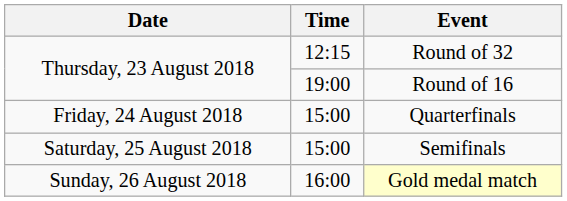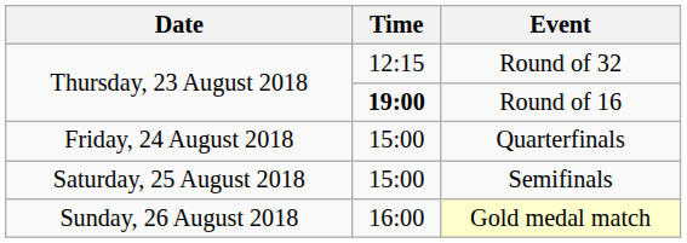 <table class = "wikitable" style="text-align:center;">
 <tr>
 <th width=220>Date</th>
 <th width=50>Time</th>
 <th width=150>Event</th>
 </tr>
 <tr>
 <td rowspan="2">Thursday, 23 August 2018</td>
 <td>12:15</td>
 <td>Round of 32</td>
 </tr>
 <tr>
-<td>19:00</td>
+<td><strong>19:00</strong></td>
 <td>Round of 16</td>
 </tr>
 <tr>
 <td>Friday, 24 August 2018</td>
 <td>15:00</td>
 <td>Quarterfinals</td>
 </tr>
 <tr>
 <td>Saturday, 25 August 2018</td>
 <td>15:00</td>
 <td>Semifinals</td>
 </tr>
 <tr>
 <td>Sunday, 26 August 2018</td>
 <td>16:00</td>
 <td bgcolor=ffffcc>Gold medal match</td>
 </tr>
 </table>
